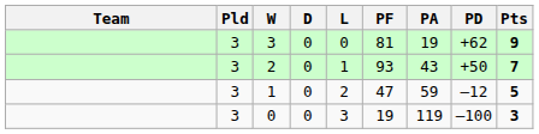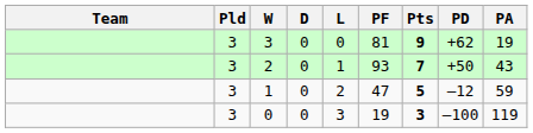 <table class="wikitable" style="text-align:center;">
 <tr>
 <th width=175>Team</th>
 <th width=25 abbr="Played">Pld</th>
 <th width=25 abbr="Won">W</th>
 <th width=25 abbr="Drawn">D</th>
 <th width=25 abbr="Lost">L</th>
 <th width=32 abbr="Points for">PF</th>
+<th width=25 abbr="Points">Pts</th>
+<th width=32 abbr="Points difference">PD</th>
 <th width=32 abbr="Points against">PA</th>
-<th width=32 abbr="Points difference">PD</th>
-<th width=25 abbr="Points">Pts</th>
 </tr>
 <tr bgcolor=ccffcc>
 <td align=left></td>
 <td>3</td>
 <td>3</td>
 <td>0</td>
 <td>0</td>
 <td>81</td>
+<td><strong>9</strong></td>
+<td>+62</td>
 <td>19</td>
-<td>+62</td>
-<td><strong>9</strong></td>
 </tr>
 <tr bgcolor=ccffcc>
 <td align=left></td>
 <td>3</td>
 <td>2</td>
 <td>0</td>
 <td>1</td>
 <td>93</td>
+<td><strong>7</strong></td>
+<td>+50</td>
 <td>43</td>
-<td>+50</td>
-<td><strong>7</strong></td>
 </tr>
 <tr>
 <td align=left></td>
 <td>3</td>
 <td>1</td>
 <td>0</td>
 <td>2</td>
 <td>47</td>
+<td><strong>5</strong></td>
+<td>–12</td>
 <td>59</td>
-<td>–12</td>
-<td><strong>5</strong></td>
 </tr>
 <tr>
 <td align=left></td>
 <td>3</td>
 <td>0</td>
 <td>0</td>
 <td>3</td>
 <td>19</td>
+<td><strong>3</strong></td>
+<td>–100</td>
 <td>119</td>
-<td>–100</td>
-<td><strong>3</strong></td>
 </tr>
 </table>
